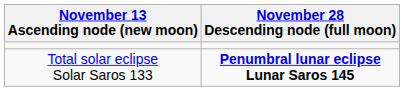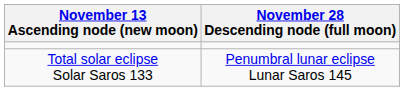 <table class="wikitable">
 <tr>
 <th><a href='#'>November 13</a><br>Ascending node (new moon)<br></th>
 <th><a href='#'>November 28</a><br>Descending node (full moon)<br></th>
 </tr>
 <tr>
 <td></td>
 <td></td>
 </tr>
 <tr align=center>
 <td><a href='#'>Total solar eclipse</a><br>Solar Saros 133</td>
-<td><strong><a href='#'>Penumbral lunar eclipse</a><br>Lunar Saros 145</strong></td>
+<td><a href='#'>Penumbral lunar eclipse</a><br>Lunar Saros 145</td>
 </tr>
 </table>
